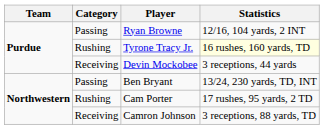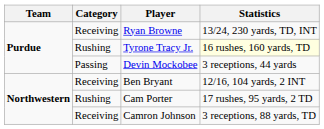 <table class="wikitable" style="float: left;">
 <tr>
 <th>Team</th>
 <th>Category</th>
 <th>Player</th>
 <th>Statistics</th>
 </tr>
 <tr>
 <td rowspan=3><strong>Purdue</strong></td>
-<td>Passing</td>
+<td>Receiving</td>
 <td><a href='#'>Ryan Browne</a></td>
-<td>12/16, 104 yards, 2 INT</td>
+<td>13/24, 230 yards, TD, INT</td>
 </tr>
 <tr>
 <td>Rushing</td>
 <td><a href='#'>Tyrone Tracy Jr.</a></td>
 <td style="background: lightyellow;">16 rushes, 160 yards, TD</td>
 </tr>
 <tr>
-<td>Receiving</td>
+<td>Passing</td>
 <td><a href='#'>Devin Mockobee</a></td>
 <td>3 receptions, 44 yards</td>
 </tr>
 <tr>
 <td rowspan=3><strong>Northwestern</strong></td>
-<td>Passing</td>
+<td>Receiving</td>
 <td>Ben Bryant</td>
-<td>13/24, 230 yards, TD, INT</td>
+<td>12/16, 104 yards, 2 INT</td>
 </tr>
 <tr>
 <td>Rushing</td>
 <td>Cam Porter</td>
 <td>17 rushes, 95 yards, 2 TD</td>
 </tr>
 <tr>
 <td>Receiving</td>
 <td>Camron Johnson</td>
 <td>3 receptions, 88 yards, TD</td>
 </tr>
 </table>
